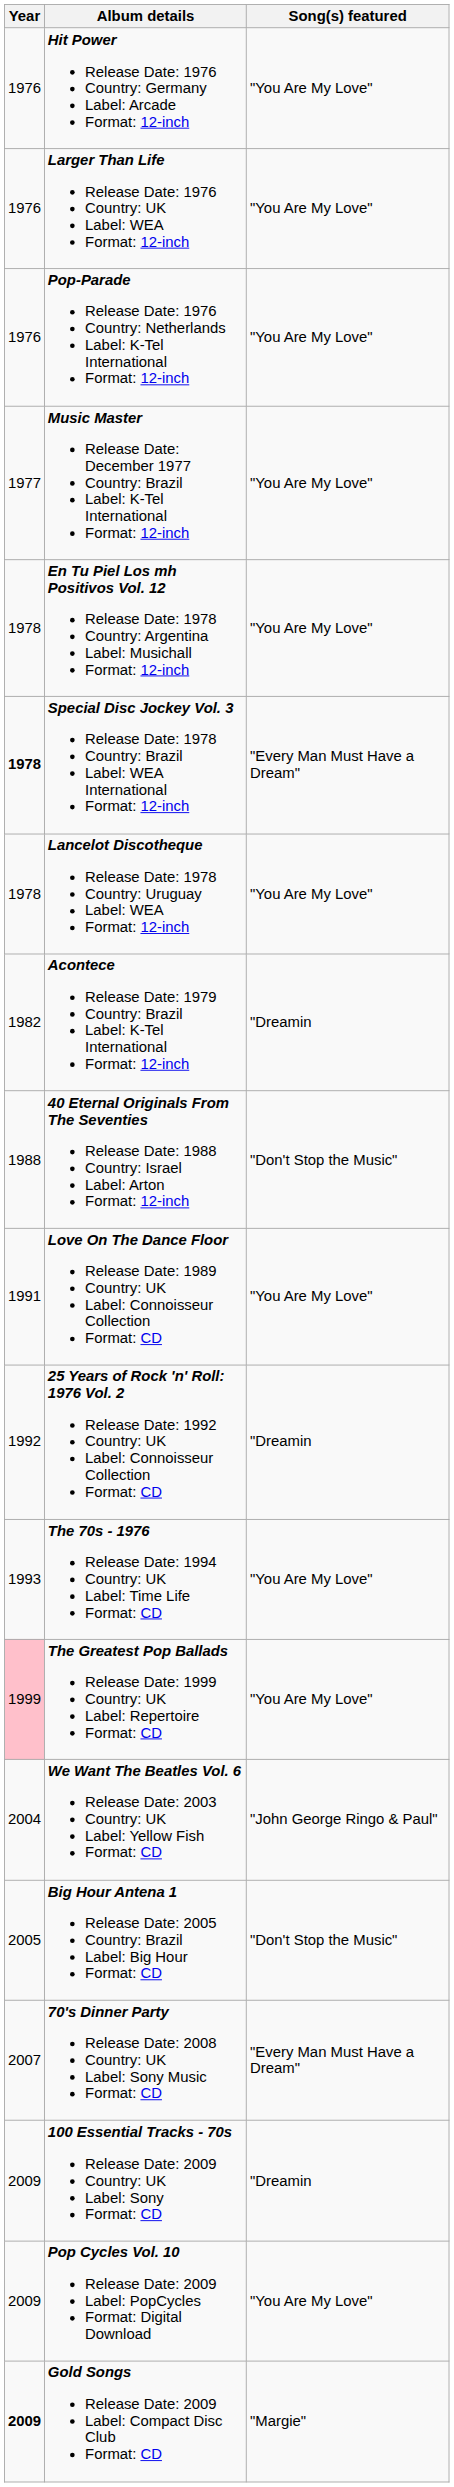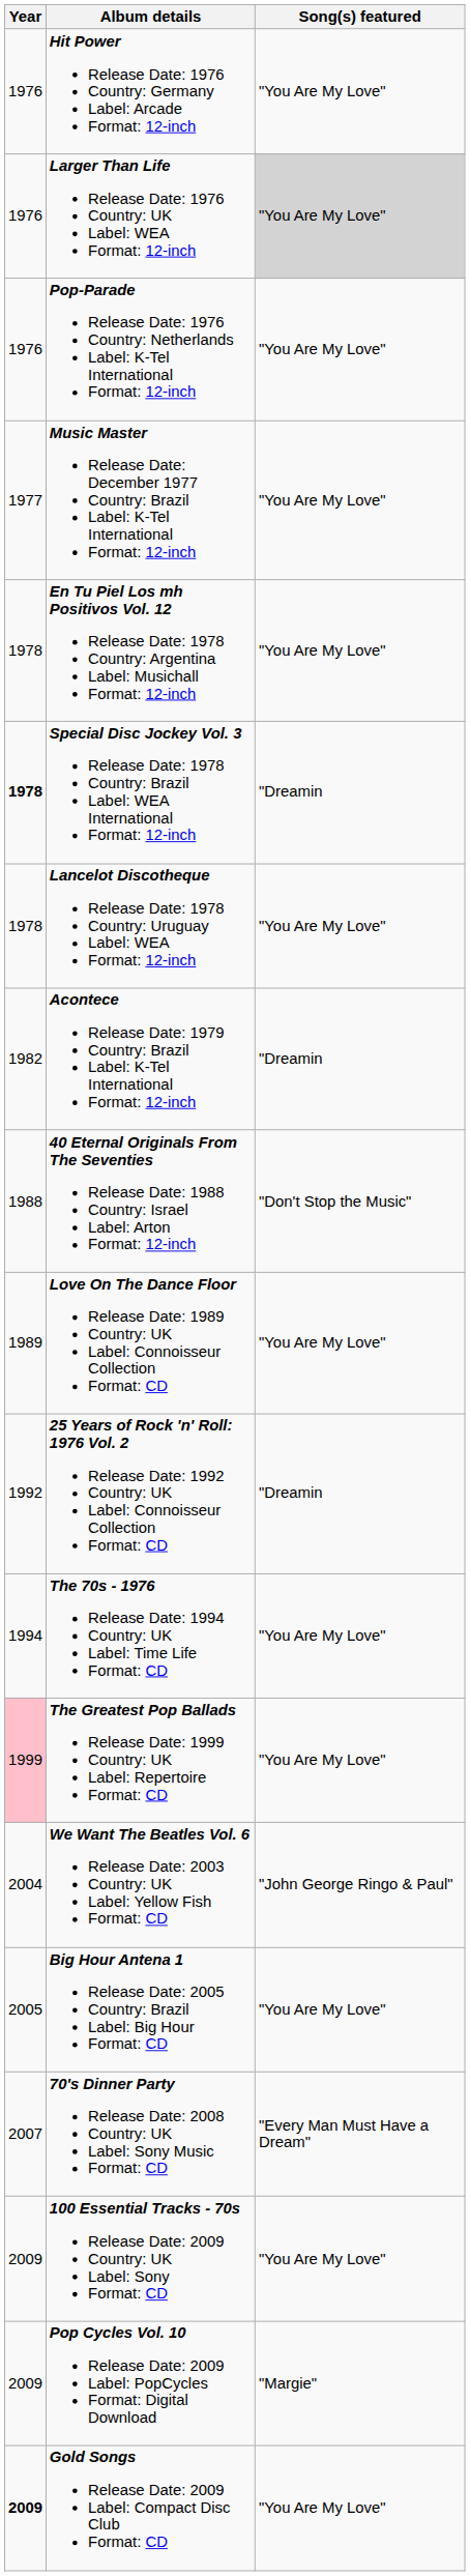 <table class="wikitable">
 <tr>
 <th rowspan="1">Year</th>
 <th rowspan="1" style="width:210px;">Album details</th>
 <th rowspan="1" style="width:210px;">Song(s) featured</th>
 </tr>
 <tr>
 <td>1976</td>
 <td><strong><em>Hit Power</em></strong><br><ul><li>Release Date: 1976</li><li>Country: Germany</li><li>Label: Arcade</li><li>Format: <a href='#'>12-inch</a></li></ul></td>
 <td>"You Are My Love"</td>
 </tr>
 <tr>
 <td>1976</td>
 <td><strong><em>Larger Than Life</em></strong><br><ul><li>Release Date: 1976</li><li>Country: UK</li><li>Label: WEA</li><li>Format: <a href='#'>12-inch</a></li></ul></td>
-<td>"You Are My Love"</td>
+<td style="background: lightgrey;">"You Are My Love"</td>
 </tr>
 <tr>
 <td>1976</td>
 <td><strong><em>Pop-Parade</em></strong><br><ul><li>Release Date: 1976</li><li>Country: Netherlands</li><li>Label: K-Tel International</li><li>Format: <a href='#'>12-inch</a></li></ul></td>
 <td>"You Are My Love"</td>
 </tr>
 <tr>
 <td>1977</td>
 <td><strong><em>Music Master</em></strong><br><ul><li>Release Date: December 1977</li><li>Country: Brazil</li><li>Label: K-Tel International</li><li>Format: <a href='#'>12-inch</a></li></ul></td>
 <td>"You Are My Love"</td>
 </tr>
 <tr>
 <td>1978</td>
 <td><strong><em>En Tu Piel Los mh Positivos Vol. 12</em></strong><br><ul><li>Release Date: 1978</li><li>Country: Argentina</li><li>Label: Musichall</li><li>Format: <a href='#'>12-inch</a></li></ul></td>
 <td>"You Are My Love"</td>
 </tr>
 <tr>
 <td><strong>1978</strong></td>
 <td><strong><em>Special Disc Jockey Vol. 3</em></strong><br><ul><li>Release Date: 1978</li><li>Country: Brazil</li><li>Label: WEA International</li><li>Format: <a href='#'>12-inch</a></li></ul></td>
-<td>"Every Man Must Have a Dream"</td>
+<td>"Dreamin</td>
 </tr>
 <tr>
 <td>1978</td>
 <td><strong><em>Lancelot Discotheque</em></strong><br><ul><li>Release Date: 1978</li><li>Country: Uruguay</li><li>Label: WEA</li><li>Format: <a href='#'>12-inch</a></li></ul></td>
 <td>"You Are My Love"</td>
 </tr>
 <tr>
 <td>1982</td>
 <td><strong><em>Acontece</em></strong><br><ul><li>Release Date: 1979</li><li>Country: Brazil</li><li>Label: K-Tel International</li><li>Format: <a href='#'>12-inch</a></li></ul></td>
 <td>"Dreamin</td>
 </tr>
 <tr>
 <td>1988</td>
 <td><strong><em>40 Eternal Originals From The Seventies</em></strong><br><ul><li>Release Date: 1988</li><li>Country: Israel</li><li>Label: Arton</li><li>Format: <a href='#'>12-inch</a></li></ul></td>
 <td>"Don't Stop the Music"</td>
 </tr>
 <tr>
-<td>1991</td>
+<td>1989</td>
 <td><strong><em>Love On The Dance Floor</em></strong><br><ul><li>Release Date: 1989</li><li>Country: UK</li><li>Label: Connoisseur Collection</li><li>Format: <a href='#'>CD</a></li></ul></td>
 <td>"You Are My Love"</td>
 </tr>
 <tr>
 <td>1992</td>
 <td><strong><em>25 Years of Rock 'n' Roll: 1976 Vol. 2</em></strong><br><ul><li>Release Date: 1992</li><li>Country: UK</li><li>Label: Connoisseur Collection</li><li>Format: <a href='#'>CD</a></li></ul></td>
 <td>"Dreamin</td>
 </tr>
 <tr>
-<td>1993</td>
+<td>1994</td>
 <td><strong><em>The 70s - 1976</em></strong><br><ul><li>Release Date: 1994</li><li>Country: UK</li><li>Label: Time Life</li><li>Format: <a href='#'>CD</a></li></ul></td>
 <td>"You Are My Love"</td>
 </tr>
 <tr>
 <td style="background: pink;">1999</td>
 <td><strong><em>The Greatest Pop Ballads</em></strong><br><ul><li>Release Date: 1999</li><li>Country: UK</li><li>Label: Repertoire</li><li>Format: <a href='#'>CD</a></li></ul></td>
 <td>"You Are My Love"</td>
 </tr>
 <tr>
 <td>2004</td>
 <td><strong><em>We Want The Beatles Vol. 6</em></strong><br><ul><li>Release Date: 2003</li><li>Country: UK</li><li>Label: Yellow Fish</li><li>Format: <a href='#'>CD</a></li></ul></td>
 <td>"John George Ringo & Paul"</td>
 </tr>
 <tr>
 <td>2005</td>
 <td><strong><em>Big Hour Antena 1</em></strong><br><ul><li>Release Date: 2005</li><li>Country: Brazil</li><li>Label: Big Hour</li><li>Format: <a href='#'>CD</a></li></ul></td>
-<td>"Don't Stop the Music"</td>
+<td>"You Are My Love"</td>
 </tr>
 <tr>
 <td>2007</td>
 <td><strong><em>70's Dinner Party</em></strong><br><ul><li>Release Date: 2008</li><li>Country: UK</li><li>Label: Sony Music</li><li>Format: <a href='#'>CD</a></li></ul></td>
 <td>"Every Man Must Have a Dream"</td>
 </tr>
 <tr>
 <td>2009</td>
 <td><strong><em>100 Essential Tracks - 70s</em></strong><br><ul><li>Release Date: 2009</li><li>Country: UK</li><li>Label: Sony</li><li>Format: <a href='#'>CD</a></li></ul></td>
-<td>"Dreamin</td>
+<td>"You Are My Love"</td>
 </tr>
 <tr>
 <td>2009</td>
 <td><strong><em>Pop Cycles Vol. 10</em></strong><br><ul><li>Release Date: 2009</li><li>Label: PopCycles</li><li>Format: Digital Download</li></ul></td>
-<td>"You Are My Love"</td>
+<td>"Margie"</td>
 </tr>
 <tr>
 <td><strong>2009</strong></td>
 <td><strong><em>Gold Songs</em></strong><br><ul><li>Release Date: 2009</li><li>Label: Compact Disc Club</li><li>Format: <a href='#'>CD</a></li></ul></td>
-<td>"Margie"</td>
+<td>"You Are My Love"</td>
 </tr>
 </table>
